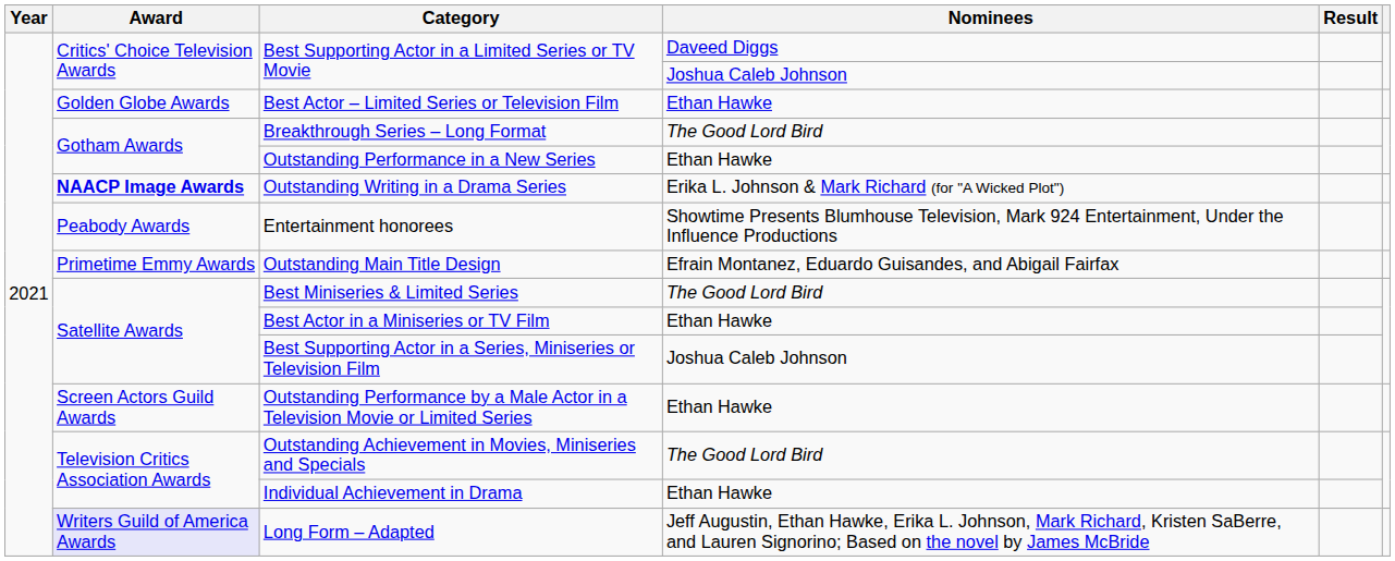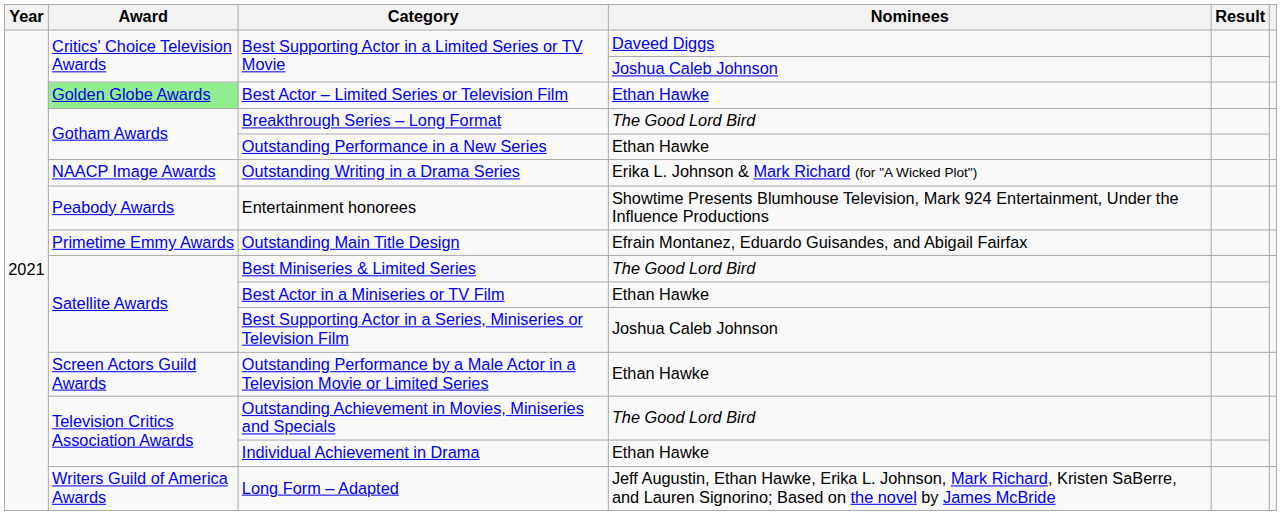 <table class="wikitable sortable">
 <tr>
 <th scope="col">Year</th>
 <th scope="col">Award</th>
 <th scope="col">Category</th>
 <th scope="col">Nominees</th>
 <th scope="col">Result</th>
 <th scope="col" class="unsortable"></th>
 </tr>
 <tr>
 <td rowspan="15" style="text-align:center;">2021</td>
 <td rowspan="2"><a href='#'>Critics' Choice Television Awards</a></td>
 <td rowspan="2"><a href='#'>Best Supporting Actor in a Limited Series or TV Movie</a></td>
 <td><a href='#'>Daveed Diggs</a></td>
 <td></td>
 <td align="center" rowspan="2"></td>
 </tr>
 <tr>
 <td><a href='#'>Joshua Caleb Johnson</a></td>
 <td></td>
 </tr>
 <tr>
-<td><a href='#'>Golden Globe Awards</a></td>
+<td style="background: lightgreen;"><a href='#'>Golden Globe Awards</a></td>
 <td><a href='#'>Best Actor – Limited Series or Television Film</a></td>
 <td><a href='#'>Ethan Hawke</a></td>
 <td></td>
 <td align="center"></td>
 </tr>
 <tr>
 <td rowspan="2"><a href='#'>Gotham Awards</a></td>
 <td><a href='#'>Breakthrough Series – Long Format</a></td>
 <td><em>The Good Lord Bird</em></td>
 <td></td>
 <td align="center" rowspan="2"></td>
 </tr>
 <tr>
 <td><a href='#'>Outstanding Performance in a New Series</a></td>
 <td>Ethan Hawke</td>
 <td></td>
 </tr>
 <tr>
-<td><strong><a href='#'>NAACP Image Awards</a></strong></td>
+<td><a href='#'>NAACP Image Awards</a></td>
 <td><a href='#'>Outstanding Writing in a Drama Series</a></td>
 <td>Erika L. Johnson & <a href='#'>Mark Richard</a> <small>(for "A Wicked Plot")</small></td>
 <td></td>
 <td align="center"></td>
 </tr>
 <tr>
 <td><a href='#'>Peabody Awards</a></td>
 <td>Entertainment honorees</td>
 <td>Showtime Presents Blumhouse Television, Mark 924 Entertainment, Under the Influence Productions</td>
 <td></td>
 <td align="center"></td>
 </tr>
 <tr>
 <td><a href='#'>Primetime Emmy Awards</a></td>
 <td><a href='#'>Outstanding Main Title Design</a></td>
 <td>Efrain Montanez, Eduardo Guisandes, and Abigail Fairfax</td>
 <td></td>
 <td align="center"></td>
 </tr>
 <tr>
 <td rowspan="3"><a href='#'>Satellite Awards</a></td>
 <td><a href='#'>Best Miniseries & Limited Series</a></td>
 <td><em>The Good Lord Bird</em></td>
 <td></td>
 <td align="center" rowspan="3"></td>
 </tr>
 <tr>
 <td><a href='#'>Best Actor in a Miniseries or TV Film</a></td>
 <td>Ethan Hawke</td>
 <td></td>
 </tr>
 <tr>
 <td><a href='#'>Best Supporting Actor in a Series, Miniseries or Television Film</a></td>
 <td>Joshua Caleb Johnson</td>
 <td></td>
 </tr>
 <tr>
 <td><a href='#'>Screen Actors Guild Awards</a></td>
 <td><a href='#'>Outstanding Performance by a Male Actor in a Television Movie or Limited Series</a></td>
 <td>Ethan Hawke</td>
 <td></td>
 <td align="center"></td>
 </tr>
 <tr>
 <td rowspan="2"><a href='#'>Television Critics Association Awards</a></td>
 <td><a href='#'>Outstanding Achievement in Movies, Miniseries and Specials</a></td>
 <td><em>The Good Lord Bird</em></td>
 <td></td>
 <td align="center" rowspan="2"></td>
 </tr>
 <tr>
 <td><a href='#'>Individual Achievement in Drama</a></td>
 <td>Ethan Hawke</td>
 <td></td>
 </tr>
 <tr>
-<td style="background: lavender;"><a href='#'>Writers Guild of America Awards</a></td>
+<td><a href='#'>Writers Guild of America Awards</a></td>
 <td><a href='#'>Long Form – Adapted</a></td>
 <td>Jeff Augustin, Ethan Hawke, Erika L. Johnson, <a href='#'>Mark Richard</a>, Kristen SaBerre, and Lauren Signorino; Based on <a href='#'>the novel</a> by <a href='#'>James McBride</a></td>
 <td></td>
 <td align="center"></td>
 </tr>
 </table>
